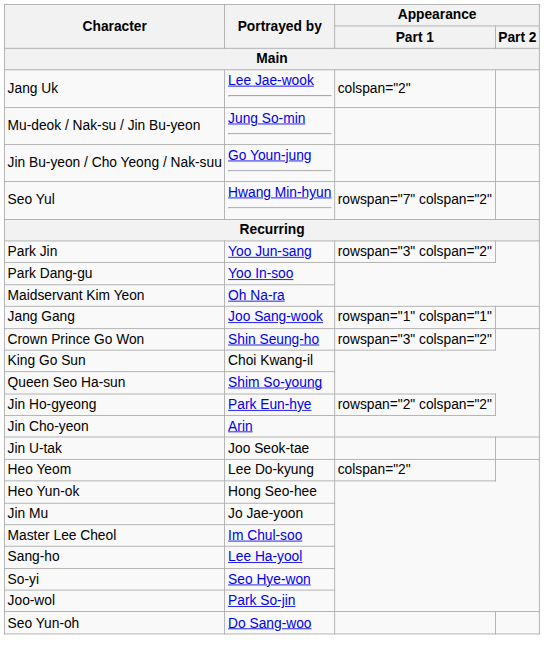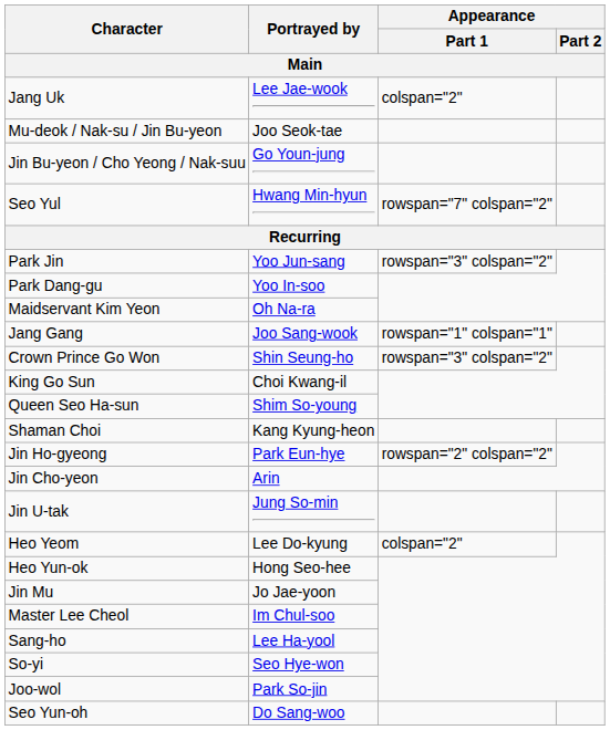 <table class="wikitable">
 <tr>
 <th scope="col" rowspan="2">Character</th>
 <th scope="col" rowspan="2">Portrayed by</th>
 <th colspan="2" scope="col">Appearance</th>
 </tr>
 <tr>
 <th scope="col" rowspan="1">Part 1</th>
 <th scope="col" rowspan="1">Part 2</th>
 </tr>
 <tr>
 <th colspan="4"><strong>Main</strong></th>
 </tr>
 <tr>
 <td>Jang Uk</td>
 <td><a href='#'>Lee Jae-wook</a><hr></td>
 <td>colspan="2" </td>
 </tr>
 <tr>
 <td>Mu-deok / Nak-su / Jin Bu-yeon</td>
-<td><a href='#'>Jung So-min</a><hr></td>
+<td>Joo Seok-tae</td>
 <td></td>
 <td></td>
 </tr>
 <tr>
 <td>Jin Bu-yeon / Cho Yeong / Nak-suu</td>
 <td><a href='#'>Go Youn-jung</a><hr></td>
 <td></td>
 <td></td>
 </tr>
 <tr>
 <td>Seo Yul</td>
 <td><a href='#'>Hwang Min-hyun</a><hr></td>
 <td>rowspan="7" colspan="2" </td>
 </tr>
 <tr>
 <th colspan="4"><strong>Recurring</strong></th>
 </tr>
 <tr>
 <td>Park Jin</td>
 <td><a href='#'>Yoo Jun-sang</a></td>
 <td>rowspan="3" colspan="2" </td>
 </tr>
 <tr>
 <td>Park Dang-gu</td>
 <td><a href='#'>Yoo In-soo</a></td>
 </tr>
 <tr>
 <td>Maidservant Kim Yeon</td>
 <td><a href='#'>Oh Na-ra</a></td>
 </tr>
 <tr>
 <td>Jang Gang</td>
 <td><a href='#'>Joo Sang-wook</a></td>
 <td>rowspan="1" colspan="1" </td>
 <td></td>
 </tr>
 <tr>
 <td>Crown Prince Go Won</td>
 <td><a href='#'>Shin Seung-ho</a></td>
 <td>rowspan="3" colspan="2" </td>
 </tr>
 <tr>
 <td>King Go Sun</td>
 <td>Choi Kwang-il</td>
 </tr>
 <tr>
 <td>Queen Seo Ha-sun</td>
 <td><a href='#'>Shim So-young</a></td>
 </tr>
 <tr>
+<td>Shaman Choi</td>
+<td>Kang Kyung-heon</td>
+<td></td>
+<td></td>
+</tr>
+<tr>
 <td>Jin Ho-gyeong</td>
 <td><a href='#'>Park Eun-hye</a></td>
 <td>rowspan="2" colspan="2" </td>
 </tr>
 <tr>
 <td>Jin Cho-yeon</td>
 <td><a href='#'>Arin</a></td>
 </tr>
 <tr>
 <td>Jin U-tak</td>
-<td>Joo Seok-tae</td>
+<td><a href='#'>Jung So-min</a><hr></td>
 <td></td>
 <td></td>
 </tr>
 <tr>
 <td>Heo Yeom</td>
 <td>Lee Do-kyung</td>
 <td>colspan="2" </td>
 </tr>
 <tr>
 <td>Heo Yun-ok</td>
 <td>Hong Seo-hee</td>
 </tr>
 <tr>
 <td>Jin Mu</td>
 <td>Jo Jae-yoon</td>
 </tr>
 <tr>
 <td>Master Lee Cheol</td>
 <td><a href='#'>Im Chul-soo</a></td>
 </tr>
 <tr>
 <td>Sang-ho</td>
 <td><a href='#'>Lee Ha-yool</a></td>
 </tr>
 <tr>
 <td>So-yi</td>
 <td><a href='#'>Seo Hye-won</a></td>
 </tr>
 <tr>
 <td>Joo-wol</td>
 <td><a href='#'>Park So-jin</a></td>
 </tr>
 <tr>
 <td>Seo Yun-oh</td>
 <td><a href='#'>Do Sang-woo</a></td>
 <td></td>
 <td></td>
 </tr>
 </table>
